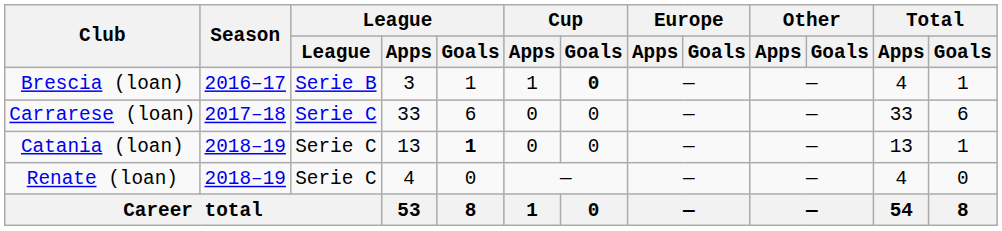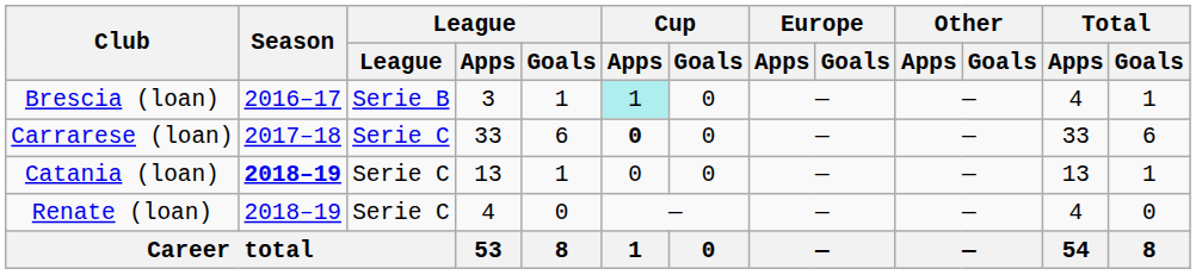 <table class="wikitable" style="text-align: center;">
 <tr>
 <th rowspan="2">Club</th>
 <th rowspan="2">Season</th>
 <th colspan="3">League</th>
 <th colspan="2">Cup</th>
 <th colspan="2">Europe</th>
 <th colspan="2">Other</th>
 <th colspan="2">Total</th>
 </tr>
 <tr>
 <th>League</th>
 <th>Apps</th>
 <th>Goals</th>
 <th>Apps</th>
 <th>Goals</th>
 <th>Apps</th>
 <th>Goals</th>
 <th>Apps</th>
 <th>Goals</th>
 <th>Apps</th>
 <th>Goals</th>
 </tr>
 <tr>
 <td><a href='#'>Brescia</a> (loan)</td>
 <td><a href='#'>2016–17</a></td>
 <td><a href='#'>Serie B</a></td>
 <td>3</td>
 <td>1</td>
-<td>1</td>
-<td><strong>0</strong></td>
+<td style="background: paleturquoise;">1</td>
+<td>0</td>
 <td colspan="2">—</td>
 <td colspan="2">—</td>
 <td>4</td>
 <td>1</td>
 </tr>
 <tr>
 <td><a href='#'>Carrarese</a> (loan)</td>
 <td><a href='#'>2017–18</a></td>
 <td><a href='#'>Serie C</a></td>
 <td>33</td>
 <td>6</td>
-<td>0</td>
+<td><strong>0</strong></td>
 <td>0</td>
 <td colspan="2">—</td>
 <td colspan="2">—</td>
 <td>33</td>
 <td>6</td>
 </tr>
 <tr>
 <td><a href='#'>Catania</a> (loan)</td>
-<td><a href='#'>2018–19</a></td>
+<td><strong><a href='#'>2018–19</a></strong></td>
 <td>Serie C</td>
 <td>13</td>
-<td><strong>1</strong></td>
+<td>1</td>
 <td>0</td>
 <td>0</td>
 <td colspan="2">—</td>
 <td colspan="2">—</td>
 <td>13</td>
 <td>1</td>
 </tr>
 <tr>
 <td><a href='#'>Renate</a> (loan)</td>
 <td><a href='#'>2018–19</a></td>
 <td>Serie C</td>
 <td>4</td>
 <td>0</td>
 <td colspan="2">—</td>
 <td colspan="2">—</td>
 <td colspan="2">—</td>
 <td>4</td>
 <td>0</td>
 </tr>
 <tr>
 <th colspan="3">Career total</th>
 <th>53</th>
 <th>8</th>
 <th>1</th>
 <th>0</th>
 <th colspan="2">—</th>
 <th colspan="2">—</th>
 <th>54</th>
 <th>8</th>
 </tr>
 </table>
